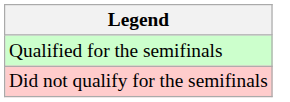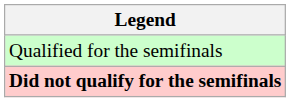 <table class="wikitable">
 <tr>
 <th>Legend</th>
 </tr>
 <tr style="background:#cfc;">
 <td>Qualified for the semifinals</td>
 </tr>
 <tr style="background:#fcc;">
-<td>Did not qualify for the semifinals</td>
+<td><strong>Did not qualify for the semifinals</strong></td>
 </tr>
 </table>
